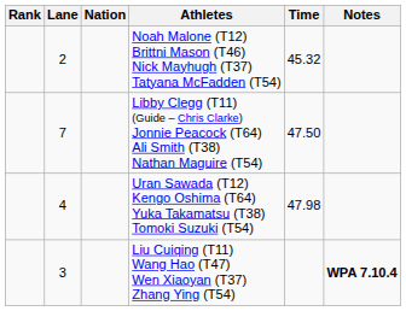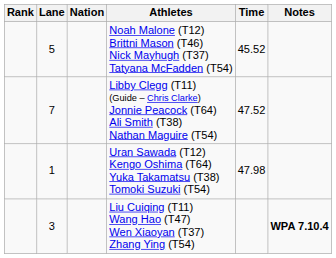 <table class="wikitable sortable" style="text-align:center">
 <tr>
 <th>Rank</th>
 <th>Lane</th>
 <th>Nation</th>
 <th>Athletes</th>
 <th>Time</th>
 <th>Notes</th>
 </tr>
 <tr>
 <td></td>
-<td>2</td>
+<td>5</td>
 <td align="left"></td>
 <td align="left"><a href='#'>Noah Malone</a> (T12)<br><a href='#'>Brittni Mason</a> (T46)<br><a href='#'>Nick Mayhugh</a> (T37)<br><a href='#'>Tatyana McFadden</a> (T54)</td>
-<td>45.32</td>
+<td>45.52</td>
 <td><strong></strong></td>
 </tr>
 <tr>
 <td></td>
 <td>7</td>
 <td align="left"></td>
 <td align="left"><a href='#'>Libby Clegg</a> (T11)<br><small>(Guide – <a href='#'>Chris Clarke</a>)</small><br><a href='#'>Jonnie Peacock</a> (T64)<br><a href='#'>Ali Smith</a> (T38)<br><a href='#'>Nathan Maguire</a> (T54)</td>
-<td>47.50</td>
+<td>47.52</td>
 <td></td>
 </tr>
 <tr>
 <td></td>
-<td>4</td>
+<td>1</td>
 <td align="left"></td>
 <td align="left"><a href='#'>Uran Sawada</a> (T12)<br><a href='#'>Kengo Oshima</a> (T64)<br><a href='#'>Yuka Takamatsu</a> (T38)<br><a href='#'>Tomoki Suzuki</a> (T54)</td>
 <td>47.98</td>
 <td></td>
 </tr>
 <tr>
 <td></td>
 <td>3</td>
 <td align="left"></td>
 <td align="left"><a href='#'>Liu Cuiqing</a> (T11)<br><a href='#'>Wang Hao</a> (T47)<br><a href='#'>Wen Xiaoyan</a> (T37)<br><a href='#'>Zhang Ying</a> (T54)</td>
 <td></td>
 <td><strong>WPA 7.10.4</strong></td>
 </tr>
 </table>
